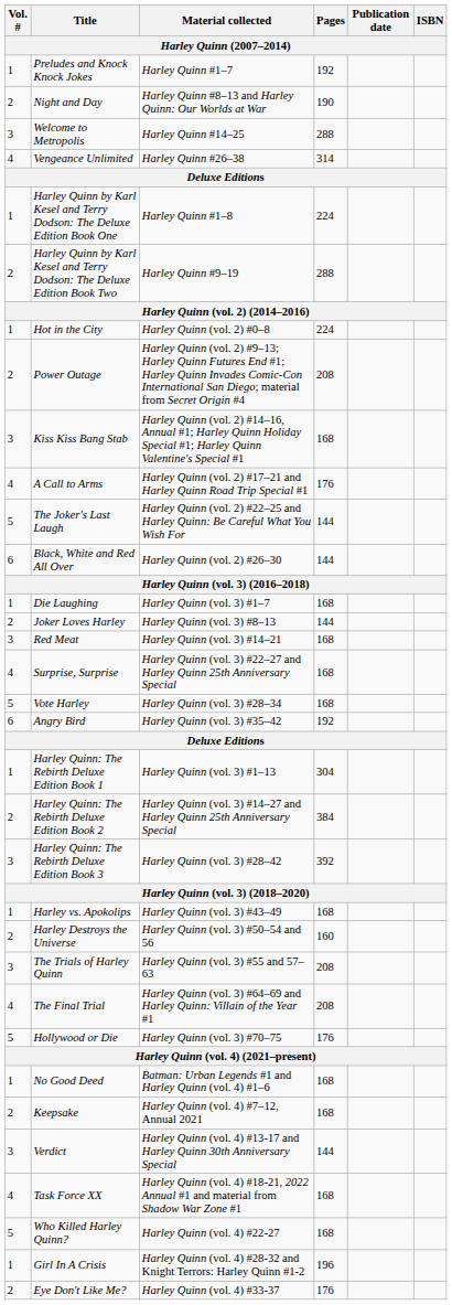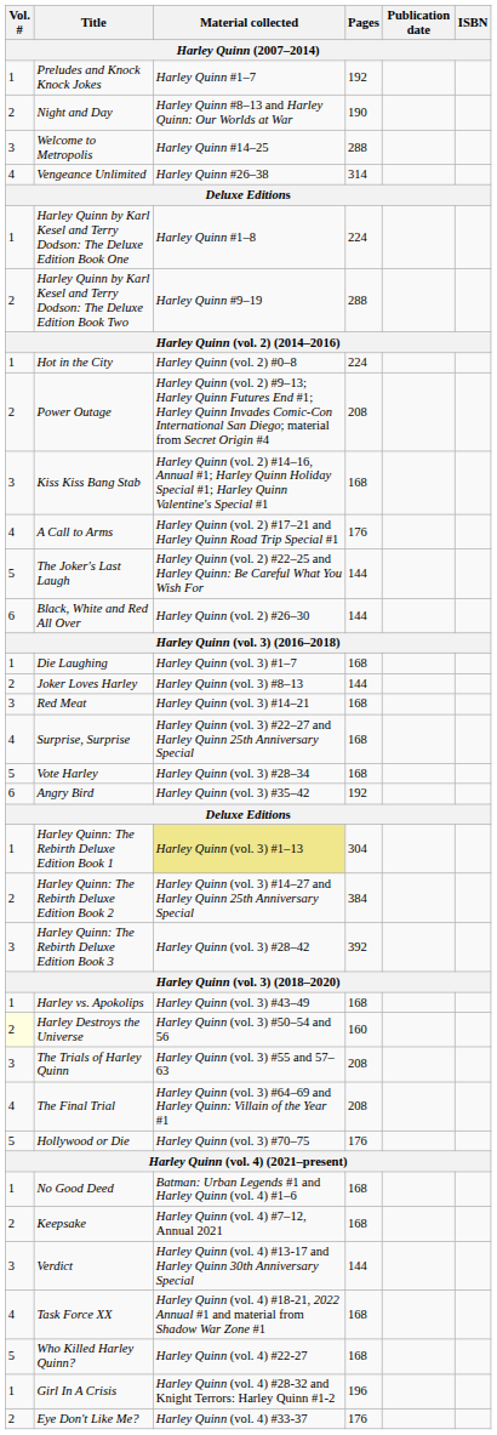 <table class="wikitable mw-collapsible autocollapse">
 <tr>
 <th><strong>Vol. #</strong></th>
 <th><strong>Title</strong></th>
 <th><strong>Material collected</strong></th>
 <th><strong>Pages</strong></th>
 <th><strong>Publication date</strong></th>
 <th><strong>ISBN</strong></th>
 </tr>
 <tr>
 <th colspan="6"><em>Harley Quinn</em> (2007–2014)</th>
 </tr>
 <tr>
 <td>1</td>
 <td><em>Preludes and Knock Knock Jokes</em></td>
 <td><em>Harley Quinn</em> #1–7</td>
 <td>192</td>
 <td></td>
 <td></td>
 </tr>
 <tr>
 <td>2</td>
 <td><em>Night and Day</em></td>
 <td><em>Harley Quinn</em> #8–13 and <em>Harley Quinn: Our Worlds at War</em></td>
 <td>190</td>
 <td></td>
 <td></td>
 </tr>
 <tr>
 <td>3</td>
 <td><em>Welcome to Metropolis</em></td>
 <td><em>Harley Quinn</em> #14–25</td>
 <td>288</td>
 <td></td>
 <td></td>
 </tr>
 <tr>
 <td>4</td>
 <td><em>Vengeance Unlimited</em></td>
 <td><em>Harley Quinn</em> #26–38</td>
 <td>314</td>
 <td></td>
 <td></td>
 </tr>
 <tr>
 <th colspan="6"><em>Deluxe Edition</em>s</th>
 </tr>
 <tr>
 <td>1</td>
 <td><em>Harley Quinn by Karl Kesel and Terry Dodson: The Deluxe Edition Book One</em></td>
 <td><em>Harley Quinn</em> #1–8</td>
 <td>224</td>
 <td></td>
 <td></td>
 </tr>
 <tr>
 <td>2</td>
 <td><em>Harley Quinn by Karl Kesel and Terry Dodson: The Deluxe Edition Book Two</em></td>
 <td><em>Harley Quinn</em> #9–19</td>
 <td>288</td>
 <td></td>
 <td></td>
 </tr>
 <tr>
 <th colspan="6"><em>Harley Quinn</em> (vol. 2) (2014–2016)</th>
 </tr>
 <tr>
 <td>1</td>
 <td><em>Hot in the City</em></td>
 <td><em>Harley Quinn</em> (vol. 2) #0–8</td>
 <td>224</td>
 <td></td>
 <td></td>
 </tr>
 <tr>
 <td>2</td>
 <td><em>Power Outage</em></td>
 <td><em>Harley Quinn</em> (vol. 2) #9–13; <em>Harley Quinn Futures End</em> #1; <em>Harley Quinn Invades Comic-Con International San Diego</em>;  material from <em>Secret Origin</em> #4</td>
 <td>208</td>
 <td></td>
 <td></td>
 </tr>
 <tr>
 <td>3</td>
 <td><em>Kiss Kiss Bang Stab</em></td>
 <td><em>Harley Quinn</em> (vol. 2) #14–16, <em>Annual</em> #1; <em>Harley Quinn Holiday Special</em> #1; <em>Harley Quinn Valentine's Special</em> #1</td>
 <td>168</td>
 <td></td>
 <td></td>
 </tr>
 <tr>
 <td>4</td>
 <td><em>A Call to Arms</em></td>
 <td><em>Harley Quinn</em> (vol. 2) #17–21 and <em>Harley Quinn Road Trip Special</em> #1</td>
 <td>176</td>
 <td></td>
 <td></td>
 </tr>
 <tr>
 <td>5</td>
 <td><em>The Joker's Last Laugh</em></td>
 <td><em>Harley Quinn</em> (vol. 2) #22–25 and <em>Harley Quinn: Be Careful What You Wish For</em></td>
 <td>144</td>
 <td></td>
 <td></td>
 </tr>
 <tr>
 <td>6</td>
 <td><em>Black, White and Red All Over</em></td>
 <td><em>Harley Quinn</em> (vol. 2) #26–30</td>
 <td>144</td>
 <td></td>
 <td></td>
 </tr>
 <tr>
 <th colspan="6"><em>Harley Quinn</em> (vol. 3) (2016–2018)</th>
 </tr>
 <tr>
 <td>1</td>
 <td><em>Die Laughing</em></td>
 <td><em>Harley Quinn</em> (vol. 3) #1–7</td>
 <td>168</td>
 <td></td>
 <td></td>
 </tr>
 <tr>
 <td>2</td>
 <td><em>Joker Loves Harley</em></td>
 <td><em>Harley Quinn</em> (vol. 3) #8–13</td>
 <td>144</td>
 <td></td>
 <td></td>
 </tr>
 <tr>
 <td>3</td>
 <td><em>Red Meat</em></td>
 <td><em>Harley Quinn</em> (vol. 3) #14–21</td>
 <td>168</td>
 <td></td>
 <td></td>
 </tr>
 <tr>
 <td>4</td>
 <td><em>Surprise, Surprise</em></td>
 <td><em>Harley Quinn</em> (vol. 3) #22–27 and <em>Harley Quinn 25th Anniversary Special</em></td>
 <td>168</td>
 <td></td>
 <td></td>
 </tr>
 <tr>
 <td>5</td>
 <td><em>Vote Harley</em></td>
 <td><em>Harley Quinn</em> (vol. 3) #28–34</td>
 <td>168</td>
 <td></td>
 <td></td>
 </tr>
 <tr>
 <td>6</td>
 <td><em>Angry Bird</em></td>
 <td><em>Harley Quinn</em> (vol. 3) #35–42</td>
 <td>192</td>
 <td></td>
 <td></td>
 </tr>
 <tr>
 <th colspan="6"><em>Deluxe Edition</em>s</th>
 </tr>
 <tr>
 <td>1</td>
 <td><em>Harley Quinn: The Rebirth Deluxe Edition Book 1</em></td>
-<td><em>Harley Quinn</em> (vol. 3) #1–13</td>
+<td style="background: khaki;"><em>Harley Quinn</em> (vol. 3) #1–13</td>
 <td>304</td>
 <td></td>
 <td></td>
 </tr>
 <tr>
 <td>2</td>
 <td><em>Harley Quinn: The Rebirth Deluxe Edition Book 2</em></td>
 <td><em>Harley Quinn</em> (vol. 3) #14–27 and <em>Harley Quinn 25th Anniversary Special</em></td>
 <td>384</td>
 <td></td>
 <td></td>
 </tr>
 <tr>
 <td>3</td>
 <td><em>Harley Quinn: The Rebirth Deluxe Edition Book 3</em></td>
 <td><em>Harley Quinn</em> (vol. 3) #28–42</td>
 <td>392</td>
 <td></td>
 <td></td>
 </tr>
 <tr>
 <th colspan="6"><em>Harley Quinn</em> (vol. 3) (2018–2020)</th>
 </tr>
 <tr>
 <td>1</td>
 <td><em>Harley vs. Apokolips</em></td>
 <td><em>Harley Quinn</em> (vol. 3) #43–49</td>
 <td>168</td>
 <td></td>
 <td></td>
 </tr>
 <tr>
-<td>2</td>
+<td style="background: lightyellow;">2</td>
 <td><em>Harley Destroys the Universe</em></td>
 <td><em>Harley Quinn</em> (vol. 3) #50–54 and 56</td>
 <td>160</td>
 <td></td>
 <td></td>
 </tr>
 <tr>
 <td>3</td>
 <td><em>The Trials of Harley Quinn</em></td>
 <td><em>Harley Quinn</em> (vol. 3) #55 and 57–63</td>
 <td>208</td>
 <td></td>
 <td></td>
 </tr>
 <tr>
 <td>4</td>
 <td><em>The Final Trial</em></td>
 <td><em>Harley Quinn</em> (vol. 3) #64–69 and <em>Harley Quinn: Villain of the Year</em> #1</td>
 <td>208</td>
 <td></td>
 <td></td>
 </tr>
 <tr>
 <td>5</td>
 <td><em>Hollywood or Die</em></td>
 <td><em>Harley Quinn</em> (vol. 3) #70–75</td>
 <td>176</td>
 <td></td>
 <td></td>
 </tr>
 <tr>
 <th colspan="6"><em>Harley Quinn</em> (vol. 4) (2021–present)</th>
 </tr>
 <tr>
 <td>1</td>
 <td><em>No Good Deed</em></td>
 <td><em>Batman: Urban Legends</em> #1 and <em>Harley Quinn</em> (vol. 4) #1–6</td>
 <td>168</td>
 <td></td>
 <td></td>
 </tr>
 <tr>
 <td>2</td>
 <td><em>Keepsake</em></td>
 <td><em>Harley Quinn</em> (vol. 4) #7–12, Annual 2021</td>
 <td>168</td>
 <td></td>
 <td></td>
 </tr>
 <tr>
 <td>3</td>
 <td><em>Verdict</em></td>
 <td><em>Harley Quinn</em> (vol. 4) #13-17 and <em>Harley Quinn 30th Anniversary Special</em></td>
 <td>144</td>
 <td></td>
 <td></td>
 </tr>
 <tr>
 <td>4</td>
 <td><em>Task Force XX</em></td>
 <td><em>Harley Quinn</em> (vol. 4) #18-21, <em>2022 Annual</em> #1 and material from <em>Shadow War Zone</em> #1</td>
 <td>168</td>
 <td></td>
 <td></td>
 </tr>
 <tr>
 <td>5</td>
 <td><em>Who Killed Harley Quinn?</em></td>
 <td><em>Harley Quinn</em> (vol. 4) #22-27</td>
 <td>168</td>
 <td></td>
 <td></td>
 </tr>
 <tr>
 <td>1</td>
 <td><em>Girl In A Crisis</em></td>
 <td><em>Harley Quinn</em> (vol. 4) #28-32 and Knight Terrors: Harley Quinn #1-2</td>
 <td>196</td>
 <td></td>
 <td></td>
 </tr>
 <tr>
 <td>2</td>
 <td><em>Eye Don't Like Me?</em></td>
 <td><em>Harley Quinn</em> (vol. 4) #33-37</td>
 <td>176</td>
 <td></td>
 <td></td>
 </tr>
 </table>
